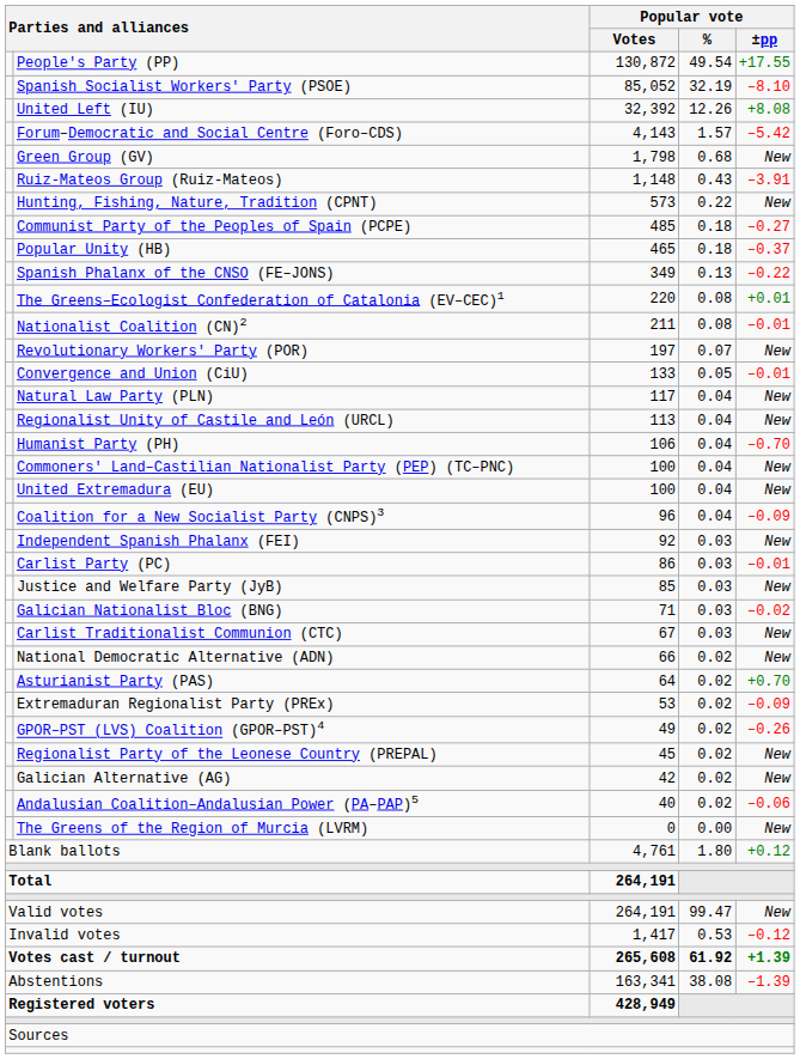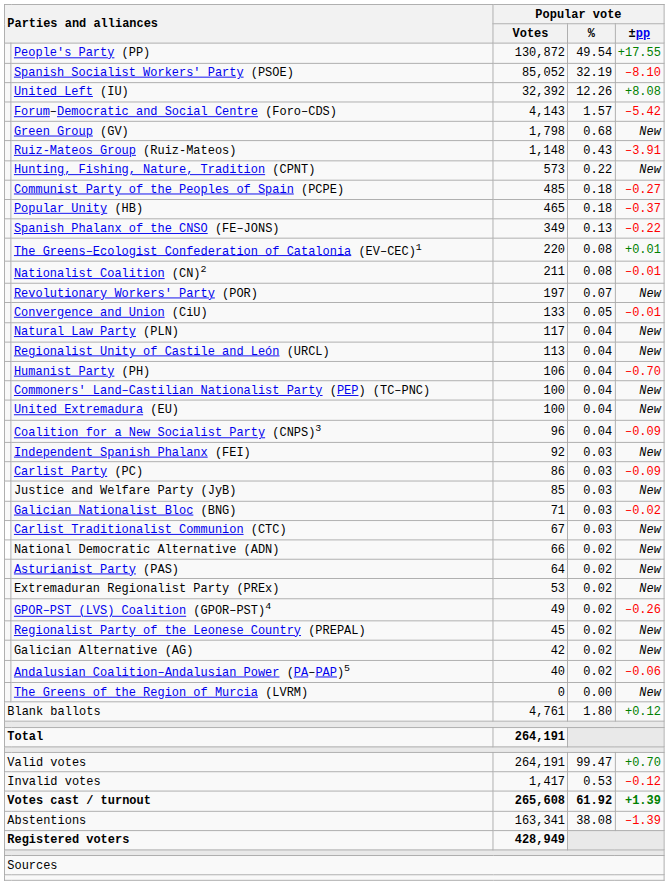 <table class="wikitable" style="text-align:right">
 <tr>
 <th style="text-align:left;" rowspan="2" colspan="2" width="525">Parties and alliances</th>
 <th colspan="3">Popular vote</th>
 </tr>
 <tr>
 <th width="75">Votes</th>
 <th width="45">%</th>
 <th width="45">±<a href='#'>pp</a></th>
 </tr>
 <tr>
 <td width="1" style="color:inherit;background:"></td>
 <td align="left"><a href='#'>People's Party</a> (PP)</td>
 <td>130,872</td>
 <td>49.54</td>
 <td style="color:green;">+17.55</td>
 </tr>
 <tr>
 <td style="color:inherit;background:"></td>
 <td align="left"><a href='#'>Spanish Socialist Workers' Party</a> (PSOE)</td>
 <td>85,052</td>
 <td>32.19</td>
 <td style="color:red;">–8.10</td>
 </tr>
 <tr>
 <td style="color:inherit;background:"></td>
 <td align="left"><a href='#'>United Left</a> (IU)</td>
 <td>32,392</td>
 <td>12.26</td>
 <td style="color:green;">+8.08</td>
 </tr>
 <tr>
 <td style="color:inherit;background:"></td>
 <td align="left"><a href='#'>Forum</a>–<a href='#'>Democratic and Social Centre</a> (Foro–CDS)</td>
 <td>4,143</td>
 <td>1.57</td>
 <td style="color:red;">–5.42</td>
 </tr>
 <tr>
 <td style="color:inherit;background:"></td>
 <td align="left"><a href='#'>Green Group</a> (GV)</td>
 <td>1,798</td>
 <td>0.68</td>
 <td><em>New</em></td>
 </tr>
 <tr>
 <td style="color:inherit;background:"></td>
 <td align="left"><a href='#'>Ruiz-Mateos Group</a> (Ruiz-Mateos)</td>
 <td>1,148</td>
 <td>0.43</td>
 <td style="color:red;">–3.91</td>
 </tr>
 <tr>
 <td style="color:inherit;background:"></td>
 <td align="left"><a href='#'>Hunting, Fishing, Nature, Tradition</a> (CPNT)</td>
 <td>573</td>
 <td>0.22</td>
 <td><em>New</em></td>
 </tr>
 <tr>
 <td style="color:inherit;background:"></td>
 <td align="left"><a href='#'>Communist Party of the Peoples of Spain</a> (PCPE)</td>
 <td>485</td>
 <td>0.18</td>
 <td style="color:red;">–0.27</td>
 </tr>
 <tr>
 <td style="color:inherit;background:"></td>
 <td align="left"><a href='#'>Popular Unity</a> (HB)</td>
 <td>465</td>
 <td>0.18</td>
 <td style="color:red;">–0.37</td>
 </tr>
 <tr>
 <td style="color:inherit;background:"></td>
 <td align="left"><a href='#'>Spanish Phalanx of the CNSO</a> (FE–JONS)</td>
 <td>349</td>
 <td>0.13</td>
 <td style="color:red;">–0.22</td>
 </tr>
 <tr>
 <td style="color:inherit;background:"></td>
 <td align="left"><a href='#'>The Greens–Ecologist Confederation of Catalonia</a> (EV–CEC)<sup>1</sup></td>
 <td>220</td>
 <td>0.08</td>
 <td style="color:green;">+0.01</td>
 </tr>
 <tr>
 <td style="color:inherit;background:"></td>
 <td align="left"><a href='#'>Nationalist Coalition</a> (CN)<sup>2</sup></td>
 <td>211</td>
 <td>0.08</td>
 <td style="color:red;">–0.01</td>
 </tr>
 <tr>
 <td style="color:inherit;background:"></td>
 <td align="left"><a href='#'>Revolutionary Workers' Party</a> (POR)</td>
 <td>197</td>
 <td>0.07</td>
 <td><em>New</em></td>
 </tr>
 <tr>
 <td style="color:inherit;background:"></td>
 <td align="left"><a href='#'>Convergence and Union</a> (CiU)</td>
 <td>133</td>
 <td>0.05</td>
 <td style="color:red;">–0.01</td>
 </tr>
 <tr>
 <td style="color:inherit;background:"></td>
 <td align="left"><a href='#'>Natural Law Party</a> (PLN)</td>
 <td>117</td>
 <td>0.04</td>
 <td><em>New</em></td>
 </tr>
 <tr>
 <td style="color:inherit;background:"></td>
 <td align="left"><a href='#'>Regionalist Unity of Castile and León</a> (URCL)</td>
 <td>113</td>
 <td>0.04</td>
 <td><em>New</em></td>
 </tr>
 <tr>
 <td style="color:inherit;background:"></td>
 <td align="left"><a href='#'>Humanist Party</a> (PH)</td>
 <td>106</td>
 <td>0.04</td>
 <td style="color:red;">–0.70</td>
 </tr>
 <tr>
 <td style="color:inherit;background:"></td>
 <td align="left"><a href='#'>Commoners' Land–Castilian Nationalist Party</a> (<a href='#'>PEP</a>) (TC–PNC)</td>
 <td>100</td>
 <td>0.04</td>
 <td><em>New</em></td>
 </tr>
 <tr>
 <td style="color:inherit;background:"></td>
 <td align="left"><a href='#'>United Extremadura</a> (EU)</td>
 <td>100</td>
 <td>0.04</td>
 <td><em>New</em></td>
 </tr>
 <tr>
 <td style="color:inherit;background:"></td>
 <td align="left"><a href='#'>Coalition for a New Socialist Party</a> (CNPS)<sup>3</sup></td>
 <td>96</td>
 <td>0.04</td>
 <td style="color:red;">–0.09</td>
 </tr>
 <tr>
 <td style="color:inherit;background:"></td>
 <td align="left"><a href='#'>Independent Spanish Phalanx</a> (FEI)</td>
 <td>92</td>
 <td>0.03</td>
 <td><em>New</em></td>
 </tr>
 <tr>
 <td style="color:inherit;background:"></td>
 <td align="left"><a href='#'>Carlist Party</a> (PC)</td>
 <td>86</td>
 <td>0.03</td>
-<td style="color:red;">–0.01</td>
+<td style="color:red;">–0.09</td>
 </tr>
 <tr>
 <td bgcolor="white"></td>
 <td align="left">Justice and Welfare Party (JyB)</td>
 <td>85</td>
 <td>0.03</td>
 <td><em>New</em></td>
 </tr>
 <tr>
 <td style="color:inherit;background:"></td>
 <td align="left"><a href='#'>Galician Nationalist Bloc</a> (BNG)</td>
 <td>71</td>
 <td>0.03</td>
 <td style="color:red;">–0.02</td>
 </tr>
 <tr>
 <td bgcolor="white"></td>
 <td align="left"><a href='#'>Carlist Traditionalist Communion</a> (CTC)</td>
 <td>67</td>
 <td>0.03</td>
 <td><em>New</em></td>
 </tr>
 <tr>
 <td bgcolor="white"></td>
 <td align="left">National Democratic Alternative (ADN)</td>
 <td>66</td>
 <td>0.02</td>
 <td><em>New</em></td>
 </tr>
 <tr>
 <td style="color:inherit;background:"></td>
 <td align="left"><a href='#'>Asturianist Party</a> (PAS)</td>
 <td>64</td>
 <td>0.02</td>
-<td style="color:green;">+0.70</td>
+<td><em>New</em></td>
 </tr>
 <tr>
 <td style="color:inherit;background:"></td>
 <td align="left">Extremaduran Regionalist Party (PREx)</td>
 <td>53</td>
 <td>0.02</td>
-<td style="color:red;">–0.09</td>
+<td><em>New</em></td>
 </tr>
 <tr>
 <td style="color:inherit;background:"></td>
 <td align="left"><a href='#'>GPOR–PST (LVS) Coalition</a> (GPOR–PST)<sup>4</sup></td>
 <td>49</td>
 <td>0.02</td>
 <td style="color:red;">–0.26</td>
 </tr>
 <tr>
 <td style="color:inherit;background:"></td>
 <td align="left"><a href='#'>Regionalist Party of the Leonese Country</a> (PREPAL)</td>
 <td>45</td>
 <td>0.02</td>
 <td><em>New</em></td>
 </tr>
 <tr>
 <td style="color:inherit;background:"></td>
 <td align="left">Galician Alternative (AG)</td>
 <td>42</td>
 <td>0.02</td>
 <td><em>New</em></td>
 </tr>
 <tr>
 <td style="color:inherit;background:"></td>
 <td align="left"><a href='#'>Andalusian Coalition–Andalusian Power</a> (<a href='#'>PA</a>–<a href='#'>PAP</a>)<sup>5</sup></td>
 <td>40</td>
 <td>0.02</td>
 <td style="color:red;">–0.06</td>
 </tr>
 <tr>
 <td style="color:inherit;background:"></td>
 <td align="left"><a href='#'>The Greens of the Region of Murcia</a> (LVRM)</td>
 <td>0</td>
 <td>0.00</td>
 <td><em>New</em></td>
 </tr>
 <tr>
 <td align="left" colspan="2">Blank ballots</td>
 <td>4,761</td>
 <td>1.80</td>
 <td style="color:green;">+0.12</td>
 </tr>
 <tr>
 <td colspan="5" bgcolor="#E9E9E9"></td>
 </tr>
 <tr style="font-weight:bold;">
 <td align="left" colspan="2">Total</td>
 <td>264,191</td>
 <td bgcolor="#E9E9E9" colspan="2"></td>
 </tr>
 <tr>
 <td colspan="5" bgcolor="#E9E9E9"></td>
 </tr>
 <tr>
 <td align="left" colspan="2">Valid votes</td>
 <td>264,191</td>
 <td>99.47</td>
-<td><em>New</em></td>
+<td style="color:green;">+0.70</td>
 </tr>
 <tr>
 <td align="left" colspan="2">Invalid votes</td>
 <td>1,417</td>
 <td>0.53</td>
 <td style="color:red;">–0.12</td>
 </tr>
 <tr style="font-weight:bold;">
 <td align="left" colspan="2">Votes cast / turnout</td>
 <td>265,608</td>
 <td>61.92</td>
 <td style="color:green;">+1.39</td>
 </tr>
 <tr>
 <td align="left" colspan="2">Abstentions</td>
 <td>163,341</td>
 <td>38.08</td>
 <td style="color:red;">–1.39</td>
 </tr>
 <tr style="font-weight:bold;">
 <td align="left" colspan="2">Registered voters</td>
 <td>428,949</td>
 <td bgcolor="#E9E9E9" colspan="2"></td>
 </tr>
 <tr>
 <td colspan="5" bgcolor="#E9E9E9"></td>
 </tr>
 <tr>
 <td align="left" colspan="5">Sources</td>
 </tr>
 <tr>
 <td colspan="5" style="text-align:left; max-width:680px;"></td>
 </tr>
 </table>
